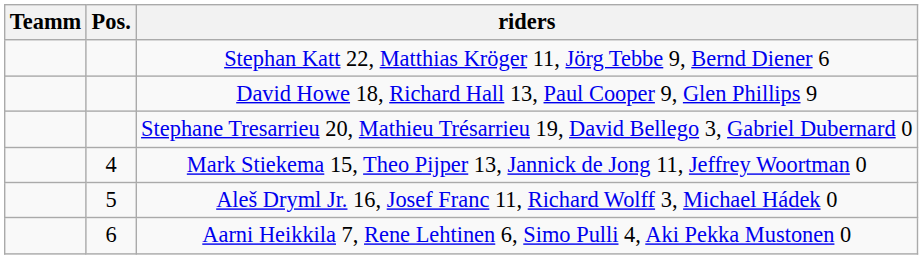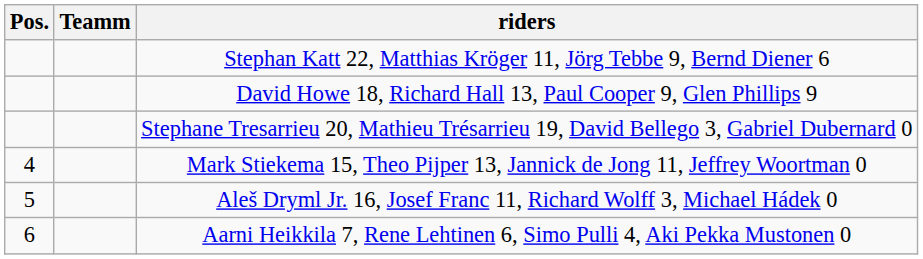 <table class=wikitable>
 <tr>
+<th>Pos.</th>
 <th>Teamm</th>
-<th>Pos.</th>
 <th>riders</th>
 </tr>
 <tr align=center>
+<td></td>
 <td align=left></td>
-<td></td>
 <td><a href='#'>Stephan Katt</a> 22, <a href='#'>Matthias Kröger</a> 11, <a href='#'>Jörg Tebbe</a> 9, <a href='#'>Bernd Diener</a> 6</td>
 </tr>
 <tr align=center>
+<td></td>
 <td align=left></td>
-<td></td>
 <td><a href='#'>David Howe</a> 18, <a href='#'>Richard Hall</a> 13, <a href='#'>Paul Cooper</a> 9, <a href='#'>Glen Phillips</a> 9</td>
 </tr>
 <tr align=center>
+<td></td>
 <td align=left></td>
-<td></td>
 <td><a href='#'>Stephane Tresarrieu</a> 20, <a href='#'>Mathieu Trésarrieu</a> 19, <a href='#'>David Bellego</a> 3, <a href='#'>Gabriel Dubernard</a> 0</td>
 </tr>
 <tr align=center>
+<td>4</td>
 <td align=left></td>
-<td>4</td>
 <td><a href='#'>Mark Stiekema</a> 15, <a href='#'>Theo Pijper</a> 13, <a href='#'>Jannick de Jong</a> 11, <a href='#'>Jeffrey Woortman</a> 0</td>
 </tr>
 <tr align=center>
+<td>5</td>
 <td align=left></td>
-<td>5</td>
 <td><a href='#'>Aleš Dryml Jr.</a> 16, <a href='#'>Josef Franc</a> 11, <a href='#'>Richard Wolff</a> 3, <a href='#'>Michael Hádek</a> 0</td>
 </tr>
 <tr align=center>
+<td>6</td>
 <td align=left></td>
-<td>6</td>
 <td><a href='#'>Aarni Heikkila</a> 7, <a href='#'>Rene Lehtinen</a> 6, <a href='#'>Simo Pulli</a> 4, <a href='#'>Aki Pekka Mustonen</a> 0</td>
 </tr>
 </table>
